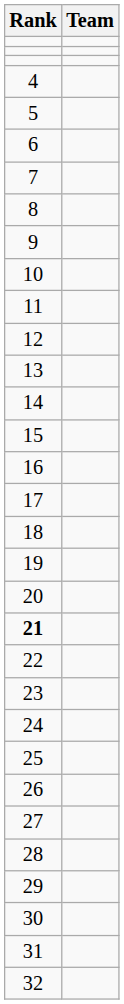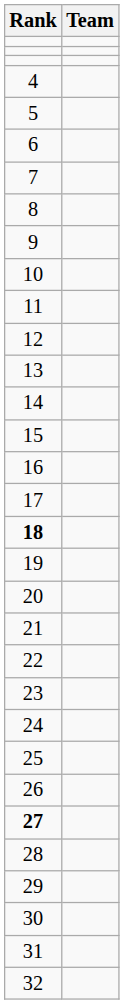 <table class="wikitable">
 <tr>
 <th>Rank</th>
 <th>Team</th>
 </tr>
 <tr>
 <td align=center></td>
 <td></td>
 </tr>
 <tr>
 <td align=center></td>
 <td></td>
 </tr>
 <tr>
 <td align=center></td>
 <td></td>
 </tr>
 <tr>
 <td align=center>4</td>
 <td></td>
 </tr>
 <tr>
 <td align=center>5</td>
 <td></td>
 </tr>
 <tr>
 <td align=center>6</td>
 <td></td>
 </tr>
 <tr>
 <td align=center>7</td>
 <td></td>
 </tr>
 <tr>
 <td align=center>8</td>
 <td></td>
 </tr>
 <tr>
 <td align=center>9</td>
 <td></td>
 </tr>
 <tr>
 <td align=center>10</td>
 <td></td>
 </tr>
 <tr>
 <td align=center>11</td>
 <td></td>
 </tr>
 <tr>
 <td align=center>12</td>
 <td></td>
 </tr>
 <tr>
 <td align=center>13</td>
 <td></td>
 </tr>
 <tr>
 <td align=center>14</td>
 <td></td>
 </tr>
 <tr>
 <td align=center>15</td>
 <td></td>
 </tr>
 <tr>
 <td align=center>16</td>
 <td></td>
 </tr>
 <tr>
 <td align=center>17</td>
 <td></td>
 </tr>
 <tr>
-<td align=center>18</td>
+<td align=center><strong>18</strong></td>
 <td></td>
 </tr>
 <tr>
 <td align=center>19</td>
 <td></td>
 </tr>
 <tr>
 <td align=center>20</td>
 <td></td>
 </tr>
 <tr>
-<td align=center><strong>21</strong></td>
+<td align=center>21</td>
 <td></td>
 </tr>
 <tr>
 <td align=center>22</td>
 <td></td>
 </tr>
 <tr>
 <td align=center>23</td>
 <td></td>
 </tr>
 <tr>
 <td align=center>24</td>
 <td></td>
 </tr>
 <tr>
 <td align=center>25</td>
 <td></td>
 </tr>
 <tr>
 <td align=center>26</td>
 <td></td>
 </tr>
 <tr>
-<td align=center>27</td>
+<td align=center><strong>27</strong></td>
 <td></td>
 </tr>
 <tr>
 <td align=center>28</td>
 <td></td>
 </tr>
 <tr>
 <td align=center>29</td>
 <td></td>
 </tr>
 <tr>
 <td align=center>30</td>
 <td></td>
 </tr>
 <tr>
 <td align=center>31</td>
 <td></td>
 </tr>
 <tr>
 <td align=center>32</td>
 <td></td>
 </tr>
 </table>
